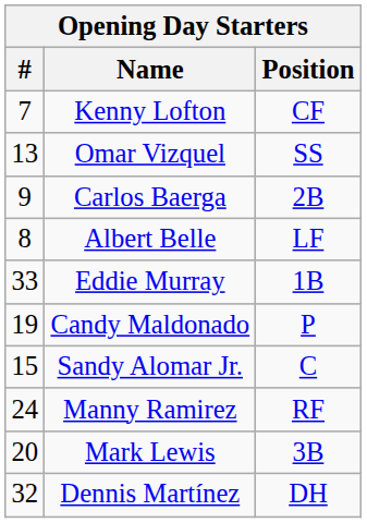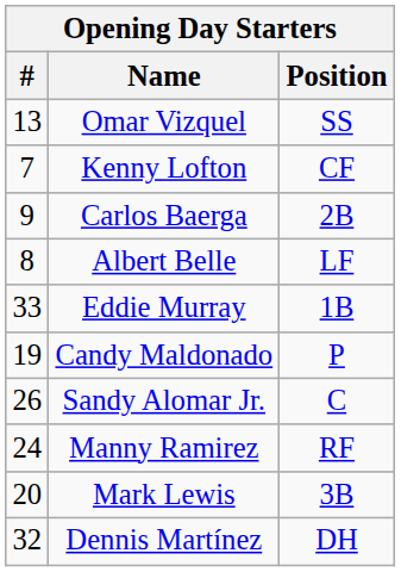 <table class="wikitable" style="text-align:center">
 <tr>
 <th colspan="3">Opening Day Starters</th>
 </tr>
 <tr>
 <th>#</th>
 <th>Name</th>
 <th>Position</th>
 </tr>
 <tr>
+<td>13</td>
+<td><a href='#'>Omar Vizquel</a></td>
+<td><a href='#'>SS</a></td>
+</tr>
+<tr>
 <td>7</td>
 <td><a href='#'>Kenny Lofton</a></td>
 <td><a href='#'>CF</a></td>
-</tr>
-<tr>
-<td>13</td>
-<td><a href='#'>Omar Vizquel</a></td>
-<td><a href='#'>SS</a></td>
 </tr>
 <tr>
 <td>9</td>
 <td><a href='#'>Carlos Baerga</a></td>
 <td><a href='#'>2B</a></td>
 </tr>
 <tr>
 <td>8</td>
 <td><a href='#'>Albert Belle</a></td>
 <td><a href='#'>LF</a></td>
 </tr>
 <tr>
 <td>33</td>
 <td><a href='#'>Eddie Murray</a></td>
 <td><a href='#'>1B</a></td>
 </tr>
 <tr>
 <td>19</td>
 <td><a href='#'>Candy Maldonado</a></td>
 <td><a href='#'>P</a></td>
 </tr>
 <tr>
-<td>15</td>
+<td>26</td>
 <td><a href='#'>Sandy Alomar Jr.</a></td>
 <td><a href='#'>C</a></td>
 </tr>
 <tr>
 <td>24</td>
 <td><a href='#'>Manny Ramirez</a></td>
 <td><a href='#'>RF</a></td>
 </tr>
 <tr>
 <td>20</td>
 <td><a href='#'>Mark Lewis</a></td>
 <td><a href='#'>3B</a></td>
 </tr>
 <tr>
 <td>32</td>
 <td><a href='#'>Dennis Martínez</a></td>
 <td><a href='#'>DH</a></td>
 </tr>
 </table>
